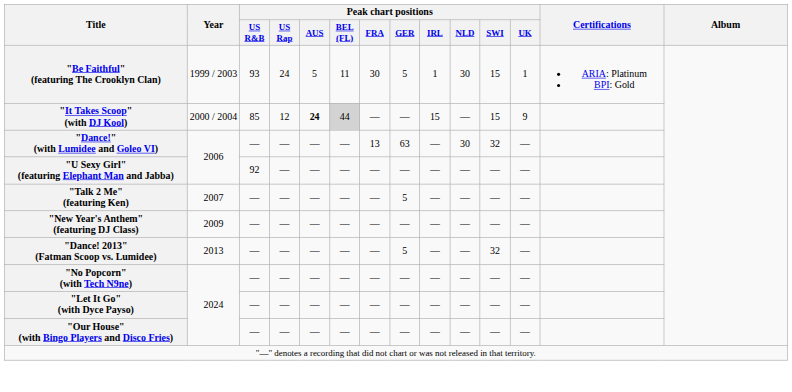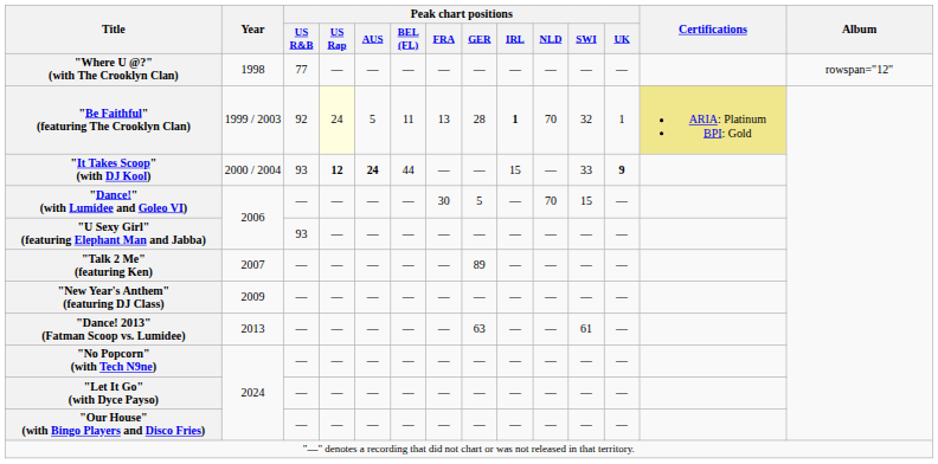 <table class="wikitable plainrowheaders" style="text-align:center;">
 <tr>
 <th scope="col" rowspan="2" style="width:18em;">Title</th>
 <th scope="col" rowspan="2">Year</th>
 <th scope="col" colspan="10">Peak chart positions</th>
 <th scope="col" rowspan="2" style="width:12em;"><a href='#'>Certifications</a></th>
 <th scope="col" rowspan="2" style="width:12em;">Album</th>
 </tr>
 <tr>
 <th scope="col" style="width:2.9em;font-size:90%;"><a href='#'>US<br>R&B</a><br></th>
 <th scope="col" style="width:2.9em;font-size:90%;"><a href='#'>US<br>Rap</a><br></th>
 <th scope="col" style="width:2.9em;font-size:90%;"><a href='#'>AUS</a><br></th>
 <th scope="col" style="width:2.9em;font-size:90%;"><a href='#'>BEL<br>(FL)</a><br></th>
 <th scope="col" style="width:2.9em;font-size:90%;"><a href='#'>FRA</a><br></th>
 <th scope="col" style="width:2.9em;font-size:90%;"><a href='#'>GER</a><br></th>
 <th scope="col" style="width:2.9em;font-size:90%;"><a href='#'>IRL</a><br></th>
 <th scope="col" style="width:2.9em;font-size:90%;"><a href='#'>NLD</a><br></th>
 <th scope="col" style="width:2.9em;font-size:90%;"><a href='#'>SWI</a><br></th>
 <th scope="col" style="width:2.9em;font-size:90%;"><a href='#'>UK</a><br></th>
 </tr>
 <tr>
+<th scope="row">"Where U @?"<br><span>(with The Crooklyn Clan)</span></th>
+<td>1998</td>
+<td>77</td>
+<td>—</td>
+<td>—</td>
+<td>—</td>
+<td>—</td>
+<td>—</td>
+<td>—</td>
+<td>—</td>
+<td>—</td>
+<td>—</td>
+<td></td>
+<td>rowspan="12" </td>
+</tr>
+<tr>
 <th scope="row">"<a href='#'>Be Faithful</a>"<br><span>(featuring The Crooklyn Clan)</span></th>
 <td>1999 / 2003</td>
-<td>93</td>
-<td>24</td>
+<td>92</td>
+<td style="background: lightyellow;">24</td>
 <td>5</td>
 <td>11</td>
-<td>30</td>
-<td>5</td>
+<td>13</td>
+<td>28</td>
+<td><strong>1</strong></td>
+<td>70</td>
+<td>32</td>
 <td>1</td>
-<td>30</td>
-<td>15</td>
-<td>1</td>
-<td><br><ul><li><a href='#'>ARIA</a>: Platinum</li><li><a href='#'>BPI</a>: Gold</li></ul></td>
+<td style="background: khaki;"><br><ul><li><a href='#'>ARIA</a>: Platinum</li><li><a href='#'>BPI</a>: Gold</li></ul></td>
 </tr>
 <tr>
 <th scope="row">"<a href='#'>It Takes Scoop</a>"<br><span>(with <a href='#'>DJ Kool</a>)</span></th>
 <td>2000 / 2004</td>
-<td>85</td>
-<td>12</td>
+<td>93</td>
+<td><strong>12</strong></td>
 <td><strong>24</strong></td>
-<td style="background: lightgrey;">44</td>
+<td>44</td>
 <td>—</td>
 <td>—</td>
 <td>15</td>
 <td>—</td>
-<td>15</td>
-<td>9</td>
+<td>33</td>
+<td><strong>9</strong></td>
 <td></td>
 </tr>
 <tr>
 <th scope="row">"<a href='#'>Dance!</a>"<br><span>(with <a href='#'>Lumidee</a> and <a href='#'>Goleo VI</a>)</span></th>
 <td rowspan="2">2006</td>
 <td>—</td>
 <td>—</td>
 <td>—</td>
 <td>—</td>
-<td>13</td>
-<td>63</td>
+<td>30</td>
+<td>5</td>
 <td>—</td>
-<td>30</td>
-<td>32</td>
+<td>70</td>
+<td>15</td>
 <td>—</td>
 <td></td>
 </tr>
 <tr>
 <th scope="row">"U Sexy Girl"<br><span>(featuring <a href='#'>Elephant Man</a> and Jabba)</span></th>
-<td>92</td>
+<td>93</td>
 <td>—</td>
 <td>—</td>
 <td>—</td>
 <td>—</td>
 <td>—</td>
 <td>—</td>
 <td>—</td>
 <td>—</td>
 <td>—</td>
 <td></td>
 </tr>
 <tr>
 <th scope="row">"Talk 2 Me"<br><span>(featuring Ken)</span></th>
 <td>2007</td>
 <td>—</td>
 <td>—</td>
 <td>—</td>
 <td>—</td>
 <td>—</td>
-<td>5</td>
+<td>89</td>
 <td>—</td>
 <td>—</td>
 <td>—</td>
 <td>—</td>
 <td></td>
 </tr>
 <tr>
 <th scope="row">"New Year's Anthem"<br><span>(featuring DJ Class)</span></th>
 <td>2009</td>
 <td>—</td>
 <td>—</td>
 <td>—</td>
 <td>—</td>
 <td>—</td>
 <td>—</td>
 <td>—</td>
 <td>—</td>
 <td>—</td>
 <td>—</td>
 <td></td>
 </tr>
 <tr>
 <th scope="row">"Dance! 2013"<br><span>(Fatman Scoop vs. Lumidee)</span></th>
 <td>2013</td>
 <td>—</td>
 <td>—</td>
 <td>—</td>
 <td>—</td>
 <td>—</td>
-<td>5</td>
+<td>63</td>
 <td>—</td>
 <td>—</td>
-<td>32</td>
+<td>61</td>
 <td>—</td>
 <td></td>
 </tr>
 <tr>
 <th scope="row">"No Popcorn"<br><span>(with <a href='#'>Tech N9ne</a>)</span></th>
 <td rowspan="3">2024</td>
 <td>—</td>
 <td>—</td>
 <td>—</td>
 <td>—</td>
 <td>—</td>
 <td>—</td>
 <td>—</td>
 <td>—</td>
 <td>—</td>
 <td>—</td>
 <td></td>
 </tr>
 <tr>
 <th scope="row">"Let It Go"<br><span>(with Dyce Payso)</span></th>
 <td>—</td>
 <td>—</td>
 <td>—</td>
 <td>—</td>
 <td>—</td>
 <td>—</td>
 <td>—</td>
 <td>—</td>
 <td>—</td>
 <td>—</td>
 <td></td>
 </tr>
 <tr>
 <th scope="row">"Our House"<br><span>(with <a href='#'>Bingo Players</a> and <a href='#'>Disco Fries</a>)</span></th>
 <td>—</td>
 <td>—</td>
 <td>—</td>
 <td>—</td>
 <td>—</td>
 <td>—</td>
 <td>—</td>
 <td>—</td>
 <td>—</td>
 <td>—</td>
 <td></td>
 </tr>
 <tr>
 <td colspan="14" style="font-size:90%">"—" denotes a recording that did not chart or was not released in that territory.</td>
 </tr>
 </table>
